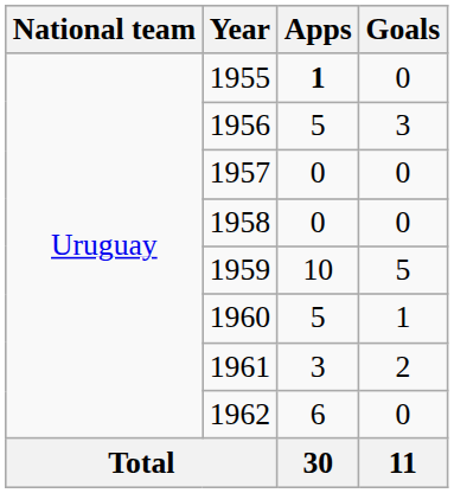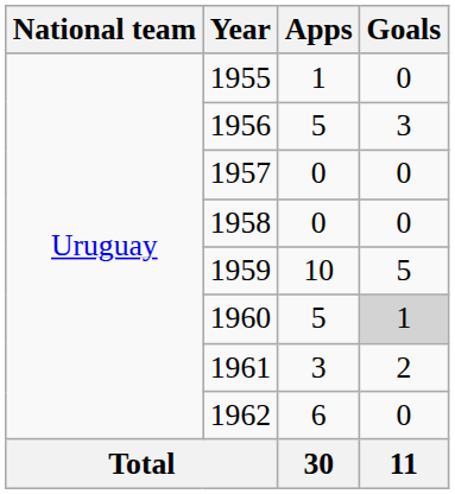 <table class="wikitable" style="text-align:center">
 <tr>
 <th>National team</th>
 <th>Year</th>
 <th>Apps</th>
 <th>Goals</th>
 </tr>
 <tr>
 <td rowspan="8"><a href='#'>Uruguay</a></td>
 <td>1955</td>
-<td><strong>1</strong></td>
+<td>1</td>
 <td>0</td>
 </tr>
 <tr>
 <td>1956</td>
 <td>5</td>
 <td>3</td>
 </tr>
 <tr>
 <td>1957</td>
 <td>0</td>
 <td>0</td>
 </tr>
 <tr>
 <td>1958</td>
 <td>0</td>
 <td>0</td>
 </tr>
 <tr>
 <td>1959</td>
 <td>10</td>
 <td>5</td>
 </tr>
 <tr>
 <td>1960</td>
 <td>5</td>
-<td>1</td>
+<td style="background: lightgrey;">1</td>
 </tr>
 <tr>
 <td>1961</td>
 <td>3</td>
 <td>2</td>
 </tr>
 <tr>
 <td>1962</td>
 <td>6</td>
 <td>0</td>
 </tr>
 <tr>
 <th colspan="2">Total</th>
 <th>30</th>
 <th>11</th>
 </tr>
 </table>
